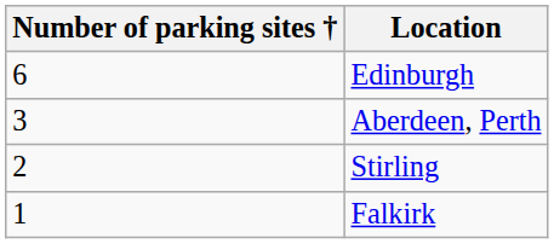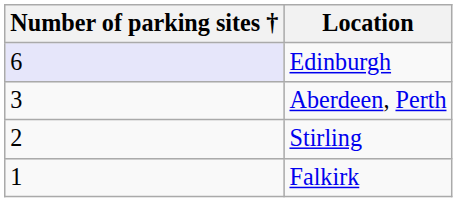 <table class = "wikitable">
 <tr>
 <th>Number of parking sites †</th>
 <th>Location</th>
 </tr>
 <tr>
-<td>6</td>
+<td style="background: lavender;">6</td>
 <td><a href='#'>Edinburgh</a></td>
 </tr>
 <tr>
 <td>3</td>
 <td><a href='#'>Aberdeen</a>, <a href='#'>Perth</a></td>
 </tr>
 <tr>
 <td>2</td>
 <td><a href='#'>Stirling</a></td>
 </tr>
 <tr>
 <td>1</td>
 <td><a href='#'>Falkirk</a></td>
 </tr>
 </table>
